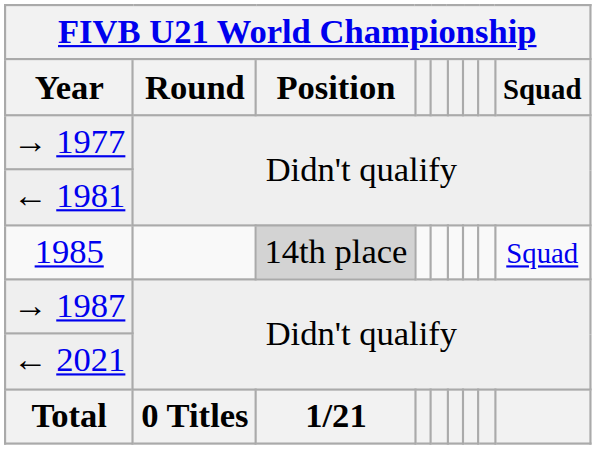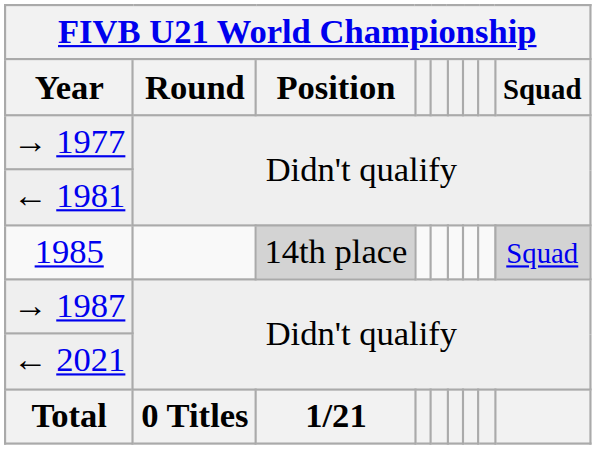 <table class="wikitable" style="text-align: center;">
 <tr>
 <th colspan=9><a href='#'>FIVB U21 World Championship</a></th>
 </tr>
 <tr>
 <th>Year</th>
 <th>Round</th>
 <th>Position</th>
 <th></th>
 <th></th>
 <th></th>
 <th></th>
 <th></th>
 <th><small>Squad</small></th>
 </tr>
 <tr bgcolor="efefef">
 <td> → <a href='#'>1977</a></td>
 <td colspan=9 rowspan=2>Didn't qualify</td>
 </tr>
 <tr bgcolor="efefef">
 <td> ← <a href='#'>1981</a></td>
 </tr>
 <tr>
 <td> <a href='#'>1985</a></td>
 <td></td>
 <td style="background: lightgrey;">14th place</td>
 <td></td>
 <td></td>
 <td></td>
 <td></td>
 <td></td>
-<td><small><a href='#'>Squad</a></small></td>
+<td style="background: lightgrey;"><small><a href='#'>Squad</a></small></td>
 </tr>
 <tr bgcolor="efefef">
 <td> → <a href='#'>1987</a></td>
 <td colspan=8 rowspan=2>Didn't qualify</td>
 </tr>
 <tr bgcolor="efefef">
 <td>  ← <a href='#'>2021</a></td>
 </tr>
 <tr>
 <th>Total</th>
 <th>0 Titles</th>
 <th>1/21</th>
 <th></th>
 <th></th>
 <th></th>
 <th></th>
 <th></th>
 <th></th>
 </tr>
 </table>
